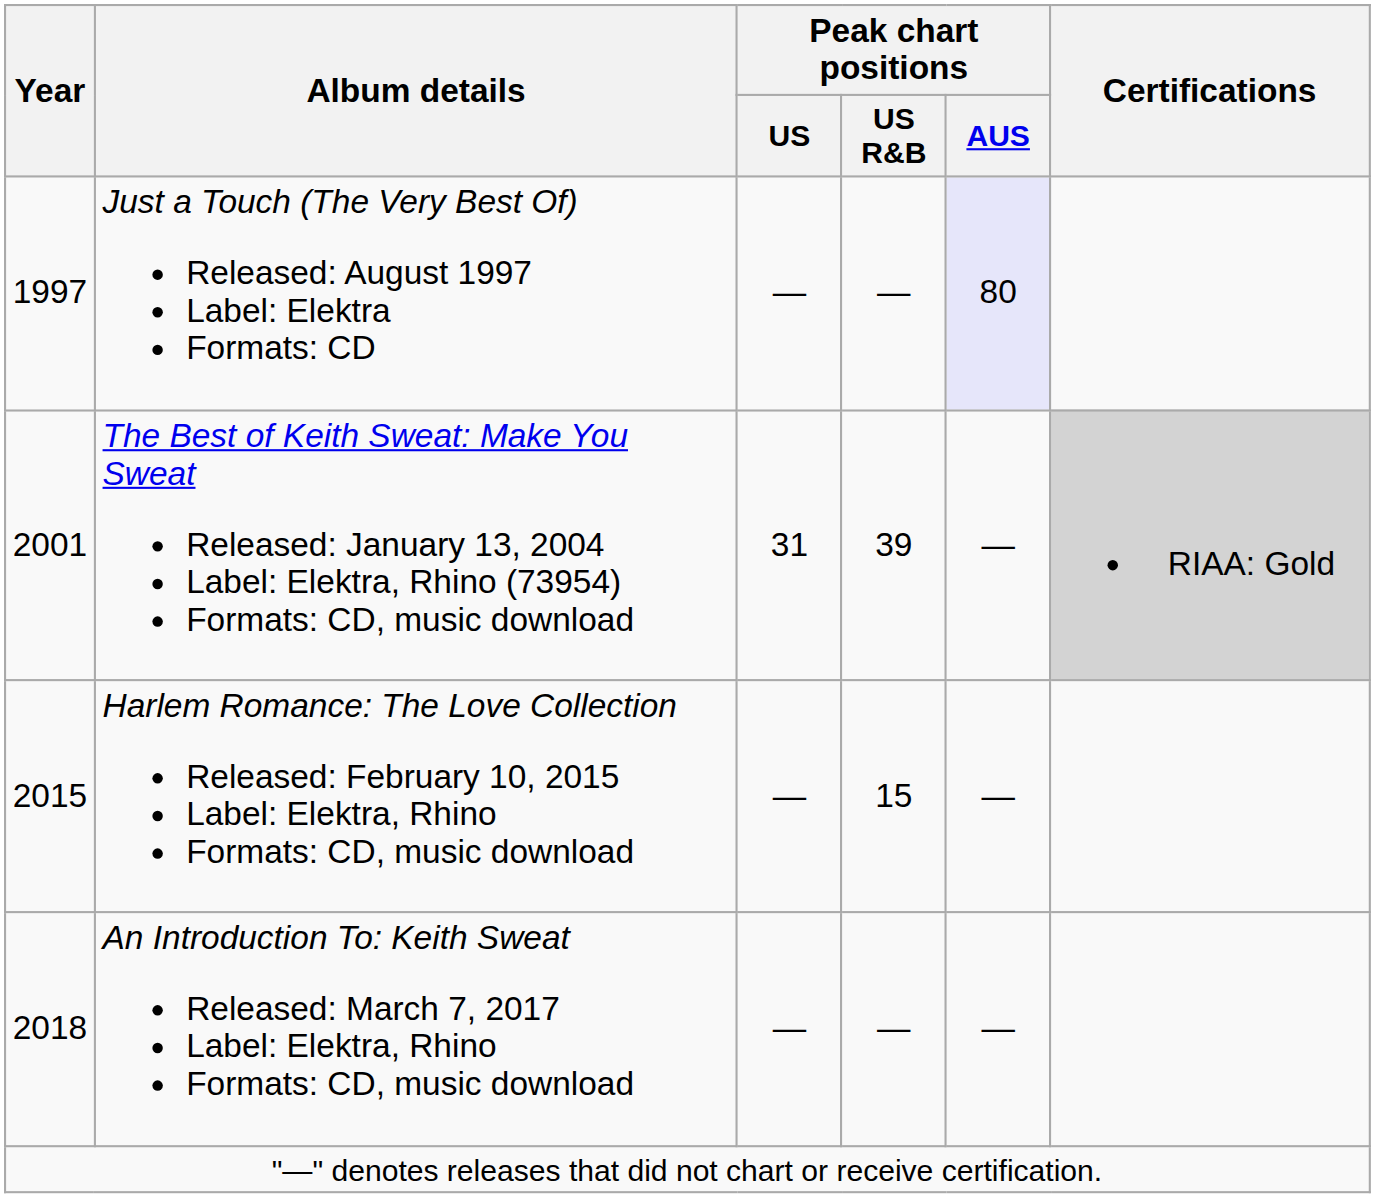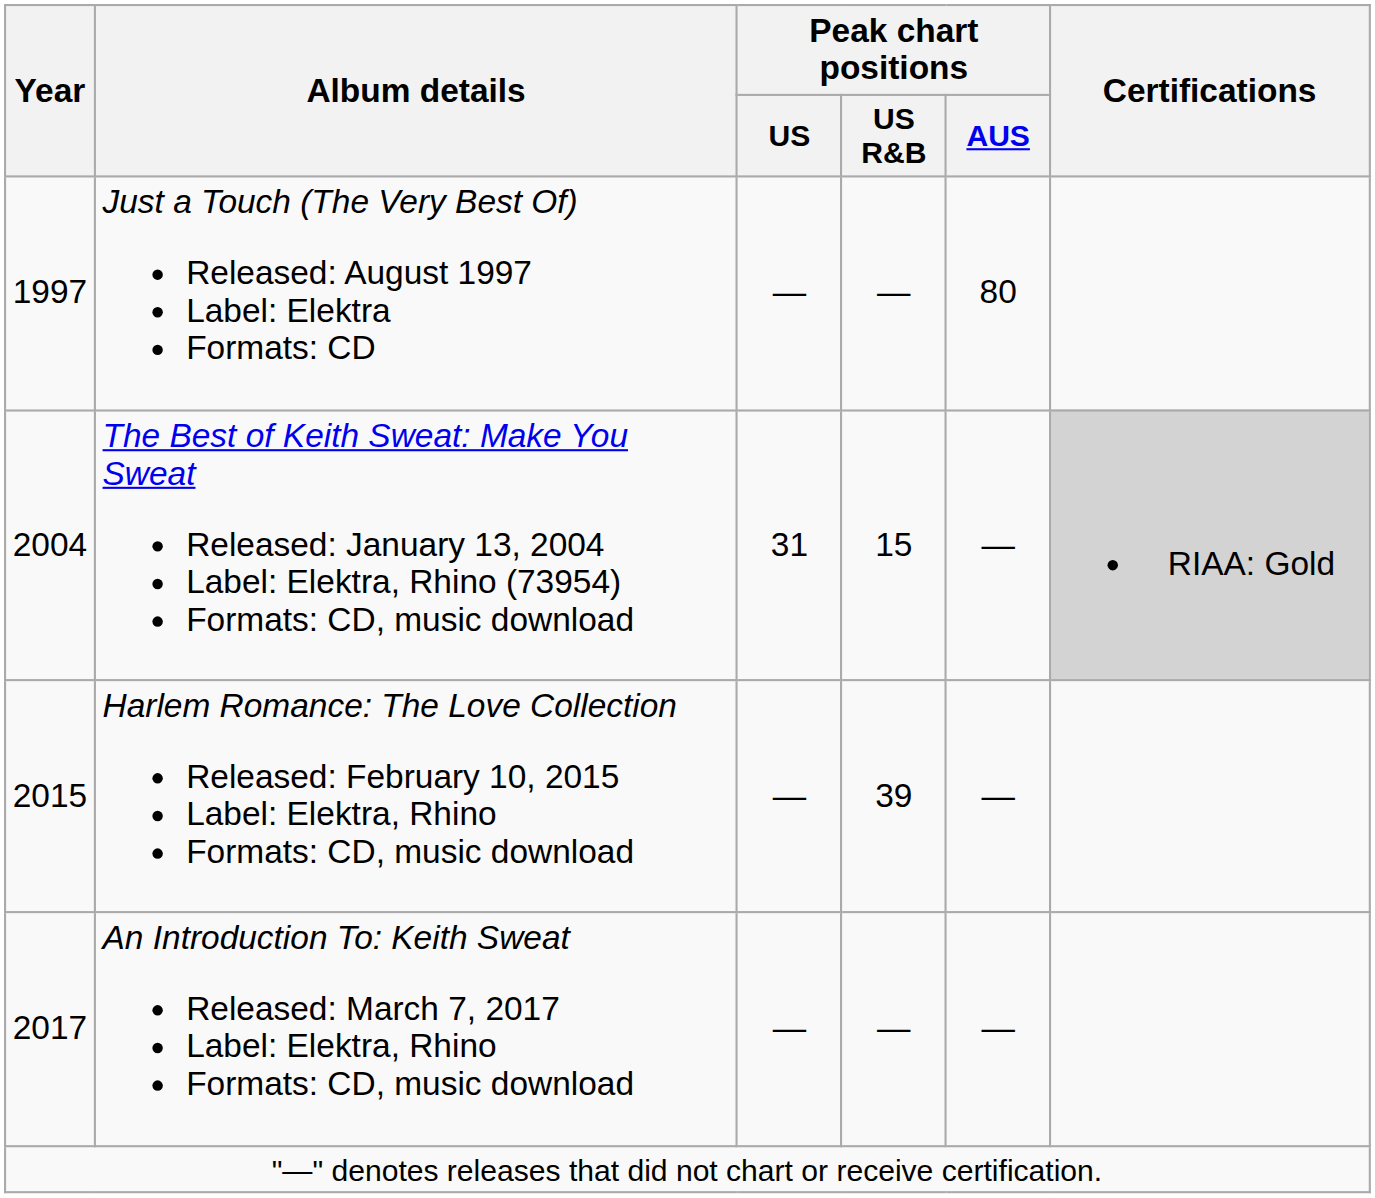 <table class="wikitable plainrowheaders" style="text-align:center;">
 <tr>
 <th scope="col" rowspan="2">Year</th>
 <th scope="col" rowspan="2" style="width:300px;">Album details</th>
 <th scope="col" colspan="3">Peak chart positions</th>
 <th scope="col" rowspan="2" style="width:145px;">Certifications</th>
 </tr>
 <tr>
 <th scope="col" style="width:3em;font-size:90%;">US<br></th>
 <th scope="col" style="width:3em;font-size:90%;">US R&B<br></th>
 <th scope="col" style="width:3em;font-size:90%;"><a href='#'>AUS</a><br></th>
 </tr>
 <tr>
 <td>1997</td>
 <td style="text-align:left;"><em>Just a Touch (The Very Best Of)</em><br><ul><li>Released: August 1997</li><li>Label: Elektra</li><li>Formats: CD</li></ul></td>
 <td>—</td>
 <td>—</td>
-<td style="background: lavender;">80</td>
+<td>80</td>
 <td></td>
 </tr>
 <tr>
-<td>2001</td>
+<td>2004</td>
 <td style="text-align:left;"><em><a href='#'>The Best of Keith Sweat: Make You Sweat</a></em><br><ul><li>Released: January 13, 2004</li><li>Label: Elektra, Rhino (73954)</li><li>Formats: CD, music download</li></ul></td>
 <td>31</td>
-<td>39</td>
+<td>15</td>
 <td>—</td>
 <td style="background: lightgrey;"><br><ul><li>RIAA: Gold</li></ul></td>
 </tr>
 <tr>
 <td>2015</td>
 <td style="text-align:left;"><em>Harlem Romance: The Love Collection</em><br><ul><li>Released: February 10, 2015</li><li>Label: Elektra, Rhino</li><li>Formats: CD, music download</li></ul></td>
 <td>—</td>
-<td>15</td>
+<td>39</td>
 <td>—</td>
 <td></td>
 </tr>
 <tr>
-<td>2018</td>
+<td>2017</td>
 <td style="text-align:left;"><em>An Introduction To: Keith Sweat</em><br><ul><li>Released: March 7, 2017</li><li>Label: Elektra, Rhino</li><li>Formats: CD, music download</li></ul></td>
 <td>—</td>
 <td>—</td>
 <td>—</td>
 <td></td>
 </tr>
 <tr>
 <td colspan="6" style="font-size:90%">"—" denotes releases that did not chart or receive certification.</td>
 </tr>
 </table>
